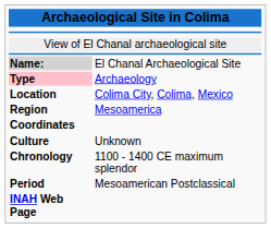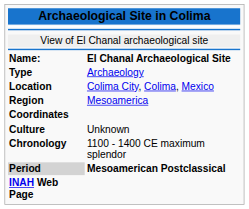 <table class="infobox" style="font-size:90%; text-align:left; width:23.5em">
 <tr>
 <td colspan="3" bgcolor=#1874CD style="text-align: center; font-size: larger;"><span><strong>Archaeological Site in Colima</strong> </span></td>
 </tr>
 <tr style="vertical-align: top; text-align: center;">
 <td colspan=3 bgcolor="#FFFFFF" align="center"></td>
 </tr>
 <tr>
 <td colspan="2" bgcolor=#1874CD></td>
 </tr>
 <tr>
 <td colspan=2></td>
 </tr>
 <tr>
 <td style="background:#efefef; text-align:center;" colspan="2">View of El Chanal archaeological site</td>
 </tr>
 <tr>
 <td colspan="2" bgcolor=#1874CD></td>
 </tr>
 <tr>
-<td style="background: lightgrey;"><strong>Name:</strong></td>
-<td>El Chanal Archaeological Site</td>
+<td><strong>Name:</strong></td>
+<td><strong>El Chanal Archaeological Site</strong></td>
 </tr>
 <tr>
-<td style="background: pink;"><strong>Type</strong></td>
+<td><strong>Type</strong></td>
 <td><a href='#'>Archaeology</a></td>
 </tr>
 <tr>
 <td><strong>Location</strong></td>
 <td><a href='#'>Colima City</a>, <a href='#'>Colima</a>, <a href='#'>Mexico</a></td>
 </tr>
 <tr>
 <td><strong>Region</strong></td>
 <td><a href='#'>Mesoamerica</a></td>
 </tr>
 <tr>
 <td><strong>Coordinates</strong></td>
 <td></td>
 </tr>
 <tr>
 <td><strong>Culture</strong></td>
 <td>Unknown</td>
 </tr>
 <tr>
 <td><strong>Chronology</strong></td>
 <td>1100 - 1400 CE maximum splendor</td>
 </tr>
 <tr>
-<td><strong>Period</strong></td>
-<td>Mesoamerican Postclassical</td>
+<td style="background: lightgrey;"><strong>Period</strong></td>
+<td><strong>Mesoamerican Postclassical</strong></td>
 </tr>
 <tr>
 <td><strong> <a href='#'>INAH</a> Web Page</strong></td>
 <td></td>
 </tr>
 </table>
